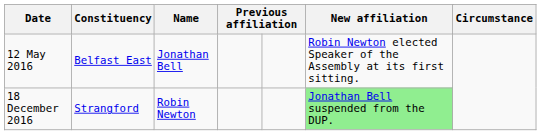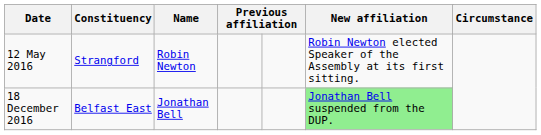 <table class="wikitable" style="font-size: 95%;">
 <tr>
 <th>Date</th>
 <th>Constituency</th>
 <th>Name</th>
 <th colspan="2">Previous affiliation</th>
 <th colspan="2">New affiliation</th>
 <th>Circumstance</th>
 </tr>
 <tr>
 <td>12 May 2016</td>
-<td><a href='#'>Belfast East</a></td>
-<td><a href='#'>Jonathan Bell</a></td>
+<td><a href='#'>Strangford</a></td>
+<td><a href='#'>Robin Newton</a></td>
 <td></td>
 <td></td>
 <td><a href='#'>Robin Newton</a> elected Speaker of the Assembly at its first sitting.</td>
 </tr>
 <tr>
 <td>18 December 2016</td>
-<td><a href='#'>Strangford</a></td>
-<td><a href='#'>Robin Newton</a></td>
+<td><a href='#'>Belfast East</a></td>
+<td><a href='#'>Jonathan Bell</a></td>
 <td></td>
 <td></td>
 <td style="background: lightgreen;"><a href='#'>Jonathan Bell</a> suspended from the DUP.</td>
 </tr>
 </table>
